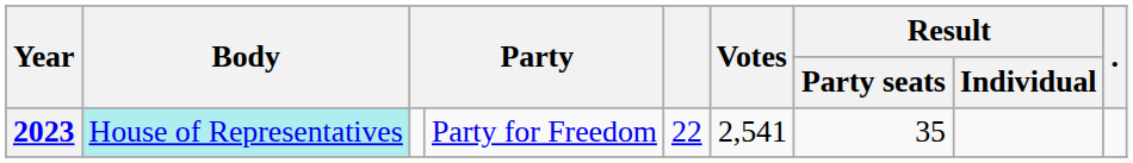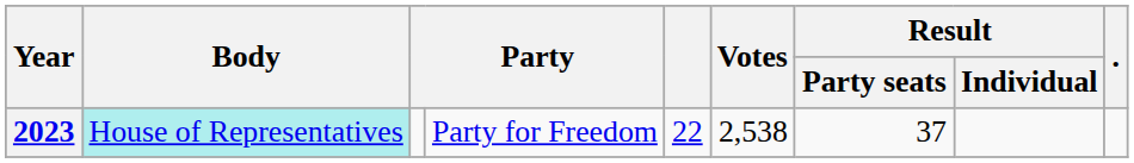 <table class="wikitable plainrowheaders sortable" border=2 cellpadding=4 cellspacing=0 style="border: 1px #aaa solid; font-size: 90%; text-align:center;">
 <tr>
 <th scope="col" rowspan=2>Year</th>
 <th scope="col" rowspan=2>Body</th>
 <th scope="col" colspan=2 rowspan=2>Party</th>
 <th scope="col" rowspan=2></th>
 <th scope="col" rowspan=2>Votes</th>
 <th scope="colgroup" colspan=2>Result</th>
 <th scope="col" rowspan=2 class="unsortable">.</th>
 </tr>
 <tr>
 <th scope="col">Party seats</th>
 <th scope="col">Individual</th>
 </tr>
 <tr>
 <th scope="row"><a href='#'>2023</a></th>
 <td style="background: paleturquoise;"><a href='#'>House of Representatives</a></td>
 <td style="background-color:"></td>
 <td><a href='#'>Party for Freedom</a></td>
 <td style=text-align:right><a href='#'>22</a></td>
-<td style=text-align:right>2,541</td>
-<td style=text-align:right>35</td>
+<td style=text-align:right>2,538</td>
+<td style=text-align:right>37</td>
 <td></td>
 <td></td>
 </tr>
 </table>
